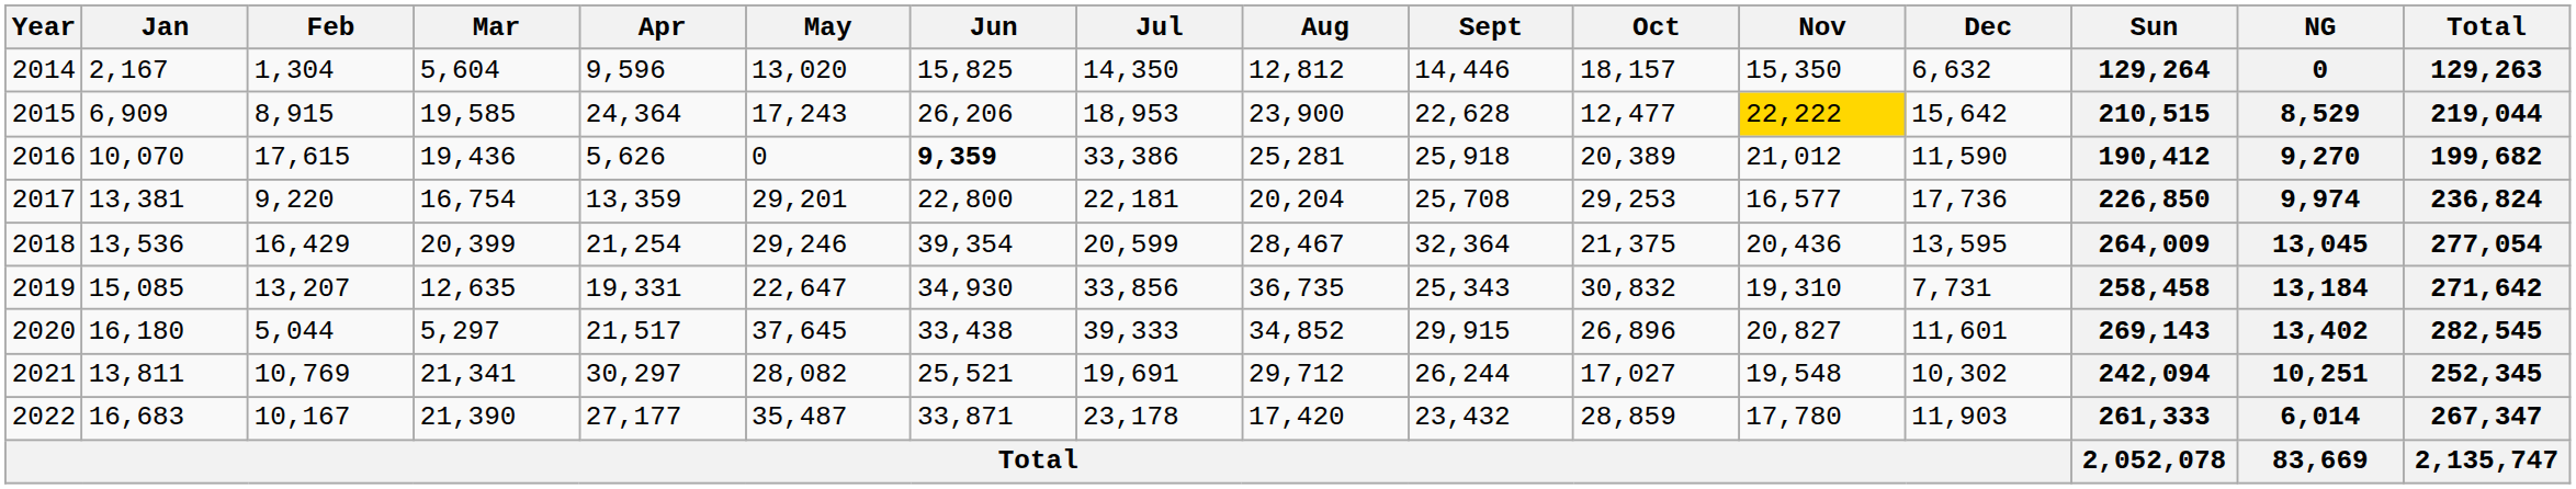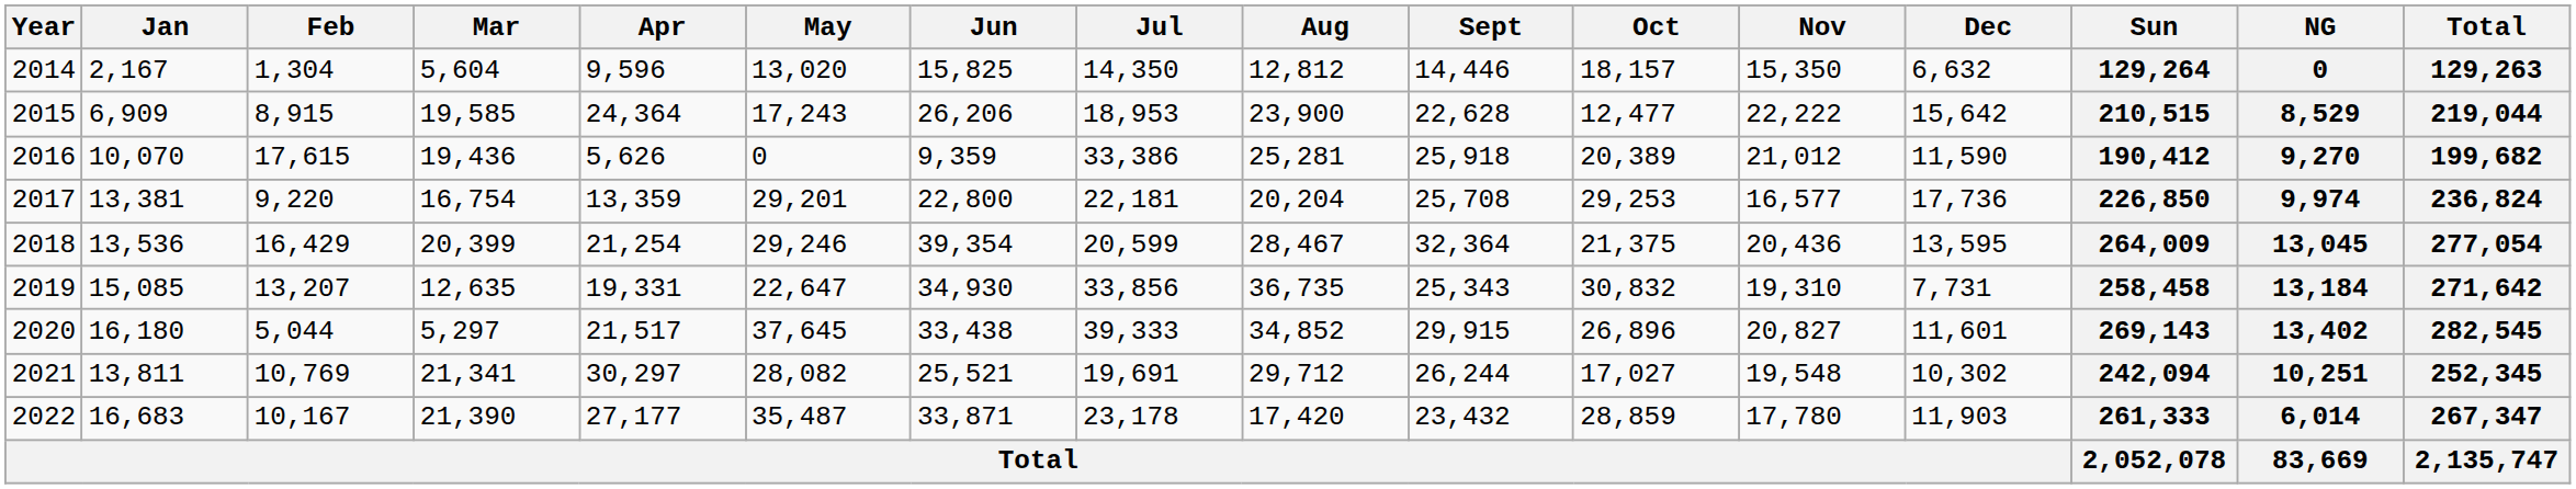 <table class=wikitable>
 <tr>
 <th>Year</th>
 <th style="width:75px;">Jan</th>
 <th style="width:75px;">Feb</th>
 <th style="width:75px;">Mar</th>
 <th style="width:75px;">Apr</th>
 <th style="width:75px;">May</th>
 <th style="width:75px;">Jun</th>
 <th style="width:75px;">Jul</th>
 <th style="width:75px;">Aug</th>
 <th style="width:75px;">Sept</th>
 <th style="width:75px;">Oct</th>
 <th style="width:75px;">Nov</th>
 <th style="width:75px;">Dec</th>
 <th style="width:75px;">Sun</th>
 <th style="width:75px;">NG</th>
 <th style="width:75px;">Total</th>
 </tr>
 <tr>
 <td>2014</td>
 <td>2,167</td>
 <td>1,304</td>
 <td>5,604</td>
 <td>9,596</td>
 <td>13,020</td>
 <td>15,825</td>
 <td>14,350</td>
 <td>12,812</td>
 <td>14,446</td>
 <td>18,157</td>
 <td>15,350</td>
 <td>6,632</td>
 <th>129,264</th>
 <th>0</th>
 <th>129,263</th>
 </tr>
 <tr>
 <td>2015</td>
 <td>6,909</td>
 <td>8,915</td>
 <td>19,585</td>
 <td>24,364</td>
 <td>17,243</td>
 <td>26,206</td>
 <td>18,953</td>
 <td>23,900</td>
 <td>22,628</td>
 <td>12,477</td>
-<td style="background: gold;">22,222</td>
+<td>22,222</td>
 <td>15,642</td>
 <th>210,515</th>
 <th>8,529</th>
 <th>219,044</th>
 </tr>
 <tr>
 <td>2016</td>
 <td>10,070</td>
 <td>17,615</td>
 <td>19,436</td>
 <td>5,626</td>
 <td>0</td>
-<td><strong>9,359</strong></td>
+<td>9,359</td>
 <td>33,386</td>
 <td>25,281</td>
 <td>25,918</td>
 <td>20,389</td>
 <td>21,012</td>
 <td>11,590</td>
 <th>190,412</th>
 <th>9,270</th>
 <th>199,682</th>
 </tr>
 <tr>
 <td>2017</td>
 <td>13,381</td>
 <td>9,220</td>
 <td>16,754</td>
 <td>13,359</td>
 <td>29,201</td>
 <td>22,800</td>
 <td>22,181</td>
 <td>20,204</td>
 <td>25,708</td>
 <td>29,253</td>
 <td>16,577</td>
 <td>17,736</td>
 <th>226,850</th>
 <th>9,974</th>
 <th>236,824</th>
 </tr>
 <tr>
 <td>2018</td>
 <td>13,536</td>
 <td>16,429</td>
 <td>20,399</td>
 <td>21,254</td>
 <td>29,246</td>
 <td>39,354</td>
 <td>20,599</td>
 <td>28,467</td>
 <td>32,364</td>
 <td>21,375</td>
 <td>20,436</td>
 <td>13,595</td>
 <th>264,009</th>
 <th>13,045</th>
 <th>277,054</th>
 </tr>
 <tr>
 <td>2019</td>
 <td>15,085</td>
 <td>13,207</td>
 <td>12,635</td>
 <td>19,331</td>
 <td>22,647</td>
 <td>34,930</td>
 <td>33,856</td>
 <td>36,735</td>
 <td>25,343</td>
 <td>30,832</td>
 <td>19,310</td>
 <td>7,731</td>
 <th>258,458</th>
 <th>13,184</th>
 <th>271,642</th>
 </tr>
 <tr>
 <td>2020</td>
 <td>16,180</td>
 <td>5,044</td>
 <td>5,297</td>
 <td>21,517</td>
 <td>37,645</td>
 <td>33,438</td>
 <td>39,333</td>
 <td>34,852</td>
 <td>29,915</td>
 <td>26,896</td>
 <td>20,827</td>
 <td>11,601</td>
 <th>269,143</th>
 <th>13,402</th>
 <th>282,545</th>
 </tr>
 <tr>
 <td>2021</td>
 <td>13,811</td>
 <td>10,769</td>
 <td>21,341</td>
 <td>30,297</td>
 <td>28,082</td>
 <td>25,521</td>
 <td>19,691</td>
 <td>29,712</td>
 <td>26,244</td>
 <td>17,027</td>
 <td>19,548</td>
 <td>10,302</td>
 <th>242,094</th>
 <th>10,251</th>
 <th>252,345</th>
 </tr>
 <tr>
 <td>2022</td>
 <td>16,683</td>
 <td>10,167</td>
 <td>21,390</td>
 <td>27,177</td>
 <td>35,487</td>
 <td>33,871</td>
 <td>23,178</td>
 <td>17,420</td>
 <td>23,432</td>
 <td>28,859</td>
 <td>17,780</td>
 <td>11,903</td>
 <th>261,333</th>
 <th>6,014</th>
 <th>267,347</th>
 </tr>
 <tr>
 <th colspan="13">Total</th>
 <th>2,052,078</th>
 <th>83,669</th>
 <th>2,135,747</th>
 </tr>
 </table>
